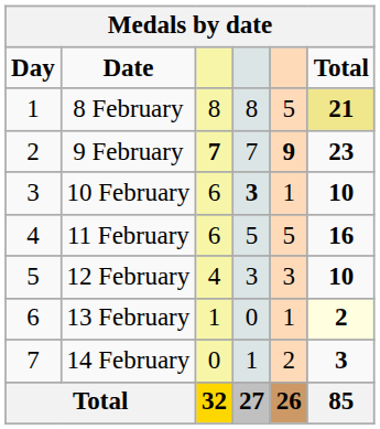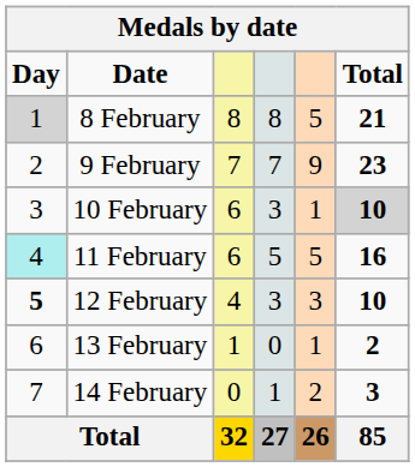 <table class="wikitable" style="font-size:85%; float:right">
 <tr bgcolor="#efefef">
 <th colspan=6>Medals by date</th>
 </tr>
 <tr align=center>
 <td><strong>Day</strong></td>
 <td><strong>Date</strong></td>
 <td bgcolor=#f7f6a8></td>
 <td bgcolor=#dce5e5></td>
 <td bgcolor=#ffdab9></td>
 <td><strong>Total</strong></td>
 </tr>
 <tr align=center>
-<td>1</td>
+<td style="background: lightgrey;">1</td>
 <td>8 February</td>
 <td style="background:#F7F6A8;">8</td>
 <td style="background:#DCE5E5;">8</td>
 <td style="background:#FFDAB9;">5</td>
-<td style="background: khaki;"><strong>21</strong></td>
+<td><strong>21</strong></td>
 </tr>
 <tr align=center>
 <td>2</td>
 <td>9 February</td>
-<td style="background:#F7F6A8;"><strong>7</strong></td>
+<td style="background:#F7F6A8;">7</td>
 <td style="background:#DCE5E5;">7</td>
-<td style="background:#FFDAB9;"><strong>9</strong></td>
+<td style="background:#FFDAB9;">9</td>
 <td><strong>23</strong></td>
 </tr>
 <tr align=center>
 <td>3</td>
 <td>10 February</td>
 <td style="background:#F7F6A8;">6</td>
-<td style="background:#DCE5E5;"><strong>3</strong></td>
+<td style="background:#DCE5E5;">3</td>
 <td style="background:#FFDAB9;">1</td>
-<td><strong>10</strong></td>
+<td style="background: lightgrey;"><strong>10</strong></td>
 </tr>
 <tr align=center>
-<td>4</td>
+<td style="background: paleturquoise;">4</td>
 <td>11 February</td>
 <td style="background:#F7F6A8;">6</td>
 <td style="background:#DCE5E5;">5</td>
 <td style="background:#FFDAB9;">5</td>
 <td><strong>16</strong></td>
 </tr>
 <tr align=center>
-<td>5</td>
+<td><strong>5</strong></td>
 <td>12 February</td>
 <td style="background:#F7F6A8;">4</td>
 <td style="background:#DCE5E5;">3</td>
 <td style="background:#FFDAB9;">3</td>
 <td><strong>10</strong></td>
 </tr>
 <tr align=center>
 <td>6</td>
 <td>13 February</td>
 <td style="background:#F7F6A8;">1</td>
 <td style="background:#DCE5E5;">0</td>
 <td style="background:#FFDAB9;">1</td>
-<td style="background: lightyellow;"><strong>2</strong></td>
+<td><strong>2</strong></td>
 </tr>
 <tr align=center>
 <td>7</td>
 <td>14 February</td>
 <td style="background:#F7F6A8;">0</td>
 <td style="background:#DCE5E5;">1</td>
 <td style="background:#FFDAB9;">2</td>
 <td><strong>3</strong></td>
 </tr>
 <tr>
 <th colspan=2><strong>Total</strong></th>
 <th style=background:gold><strong>32</strong></th>
 <th style=background:silver><strong>27</strong></th>
 <th style=background:#c96><strong>26</strong></th>
 <th><strong>85</strong></th>
 </tr>
 </table>
